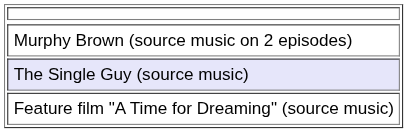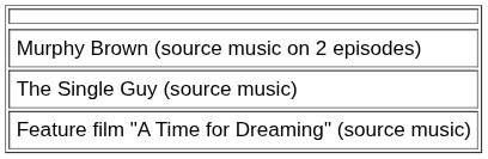 <table border="1" cellpadding="5" colspan="2">
 <tr>
 <th></th>
 </tr>
 <tr>
 </tr>
 <tr>
 <td>Murphy Brown (source music on 2 episodes)</td>
 </tr>
 <tr>
-<td style="background: lavender;">The Single Guy (source music)</td>
+<td>The Single Guy (source music)</td>
 </tr>
 <tr>
 <td>Feature film "A Time for Dreaming" (source music)</td>
 </tr>
 </table>
